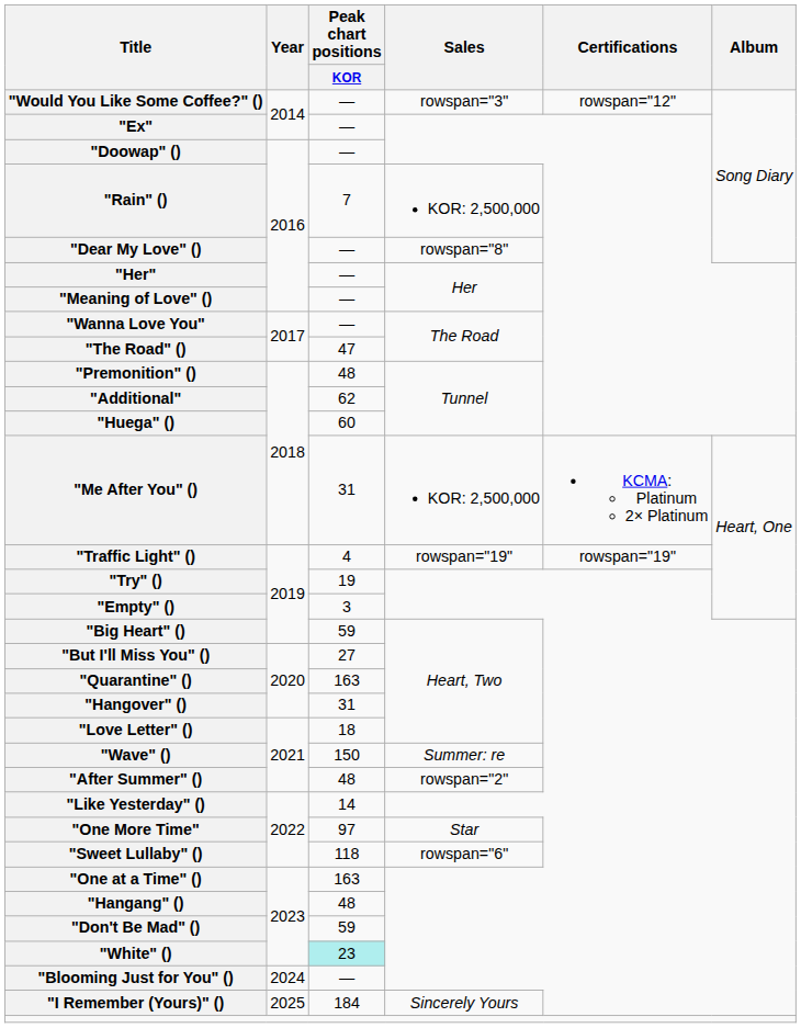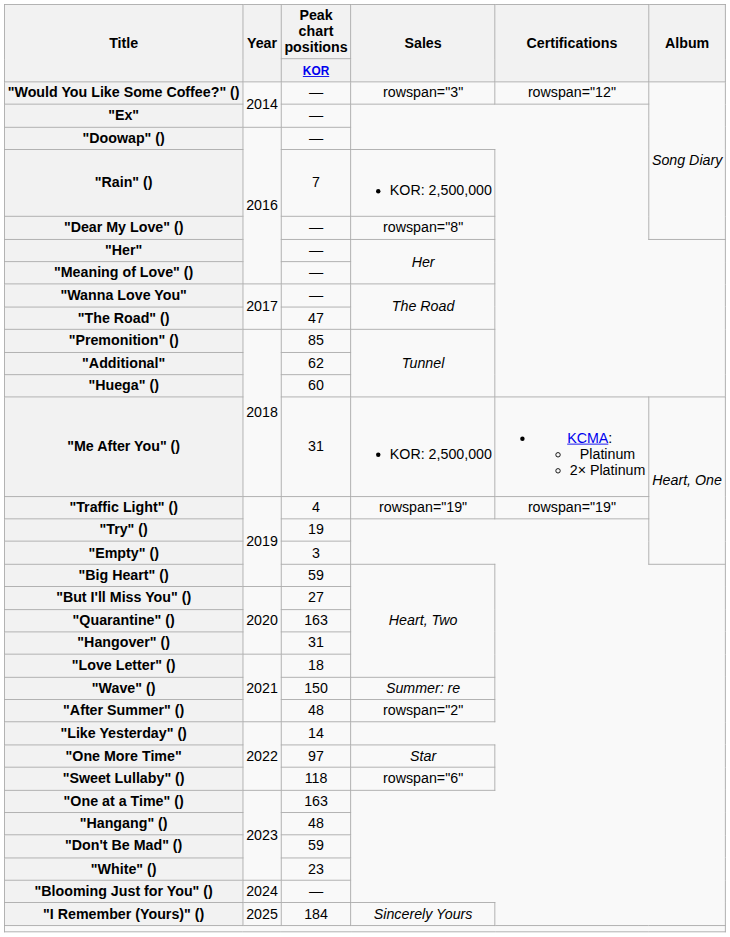 <table class="wikitable plainrowheaders" style="text-align:center;">
 <tr>
 <th scope="col" rowspan="2">Title</th>
 <th scope="col" rowspan="2">Year</th>
 <th scope="col" colspan="1">Peak<br>chart<br>positions</th>
 <th scope="col" rowspan="2">Sales</th>
 <th scope="col" rowspan="2">Certifications</th>
 <th scope="col" rowspan="2">Album</th>
 </tr>
 <tr>
 <th><small><a href='#'>KOR</a><br></small></th>
 </tr>
 <tr>
 <th scope="row">"Would You Like Some Coffee?" ()</th>
 <td rowspan="2">2014</td>
 <td>—</td>
 <td>rowspan="3" </td>
 <td>rowspan="12" </td>
 <td rowspan="5"><em>Song Diary</em></td>
 </tr>
 <tr>
 <th scope="row">"Ex"</th>
 <td>—</td>
 </tr>
 <tr>
 <th scope="row">"Doowap" ()</th>
 <td rowspan="5">2016</td>
 <td>—</td>
 </tr>
 <tr>
 <th scope="row">"Rain" ()</th>
 <td>7</td>
 <td><br><ul><li>KOR: 2,500,000</li></ul></td>
 </tr>
 <tr>
 <th scope="row">"Dear My Love" ()</th>
 <td>—</td>
 <td>rowspan="8" </td>
 </tr>
 <tr>
 <th scope="row">"Her"</th>
 <td>—</td>
 <td rowspan="2"><em>Her</em></td>
 </tr>
 <tr>
 <th scope="row">"Meaning of Love" ()</th>
 <td>—</td>
 </tr>
 <tr>
 <th scope="row">"Wanna Love You"</th>
 <td rowspan="2">2017</td>
 <td>—</td>
 <td rowspan="2"><em>The Road</em></td>
 </tr>
 <tr>
 <th scope="row">"The Road" ()</th>
 <td>47</td>
 </tr>
 <tr>
 <th scope="row">"Premonition" ()</th>
 <td rowspan="4">2018</td>
-<td>48</td>
+<td>85</td>
 <td rowspan="3"><em>Tunnel</em></td>
 </tr>
 <tr>
 <th scope="row">"Additional"</th>
 <td>62</td>
 </tr>
 <tr>
 <th scope="row">"Huega" ()</th>
 <td>60</td>
 </tr>
 <tr>
 <th scope="row">"Me After You" ()</th>
 <td>31</td>
 <td><br><ul><li>KOR: 2,500,000</li></ul></td>
 <td><br><ul><li><a href='#'>KCMA</a>:<ul><li>Platinum </li><li>2× Platinum </li></ul></li></ul></td>
 <td rowspan="4"><em>Heart, One</em></td>
 </tr>
 <tr>
 <th scope="row">"Traffic Light" ()</th>
 <td rowspan="4">2019</td>
 <td>4</td>
 <td>rowspan="19" </td>
 <td>rowspan="19" </td>
 </tr>
 <tr>
 <th scope="row">"Try" ()</th>
 <td>19</td>
 </tr>
 <tr>
 <th scope="row">"Empty" ()</th>
 <td>3</td>
 </tr>
 <tr>
 <th scope="row">"Big Heart" ()</th>
 <td>59</td>
 <td rowspan="5"><em>Heart, Two</em></td>
 </tr>
 <tr>
 <th scope="row">"But I'll Miss You" ()</th>
 <td rowspan="3">2020</td>
 <td>27</td>
 </tr>
 <tr>
 <th scope="row">"Quarantine" ()</th>
 <td>163</td>
 </tr>
 <tr>
 <th scope="row">"Hangover" ()</th>
 <td>31</td>
 </tr>
 <tr>
 <th scope="row">"Love Letter" ()</th>
 <td rowspan="3">2021</td>
 <td>18</td>
 </tr>
 <tr>
 <th scope="row">"Wave" ()</th>
 <td>150</td>
 <td><em>Summer: re</em></td>
 </tr>
 <tr>
 <th scope="row">"After Summer" ()</th>
 <td>48</td>
 <td>rowspan="2" </td>
 </tr>
 <tr>
 <th scope="row">"Like Yesterday" ()</th>
 <td rowspan="3">2022</td>
 <td>14</td>
 </tr>
 <tr>
 <th scope="row">"One More Time"</th>
 <td>97</td>
 <td><em>Star</em></td>
 </tr>
 <tr>
 <th scope="row">"Sweet Lullaby" ()</th>
 <td>118</td>
 <td>rowspan="6" </td>
 </tr>
 <tr>
 <th scope="row">"One at a Time" ()</th>
 <td rowspan="4">2023</td>
 <td>163</td>
 </tr>
 <tr>
 <th scope="row">"Hangang" ()<br></th>
 <td>48</td>
 </tr>
 <tr>
 <th scope="row">"Don't Be Mad" ()</th>
 <td>59</td>
 </tr>
 <tr>
 <th scope="row">"White" ()</th>
-<td style="background: paleturquoise;">23</td>
+<td>23</td>
 </tr>
 <tr>
 <th scope="row">"Blooming Just for You" ()<br></th>
 <td>2024</td>
 <td>—</td>
 </tr>
 <tr>
 <th scope="row">"I Remember (Yours)" ()</th>
 <td>2025</td>
 <td>184</td>
 <td><em>Sincerely Yours</em></td>
 </tr>
 <tr>
 <td colspan="6"></td>
 </tr>
 </table>
